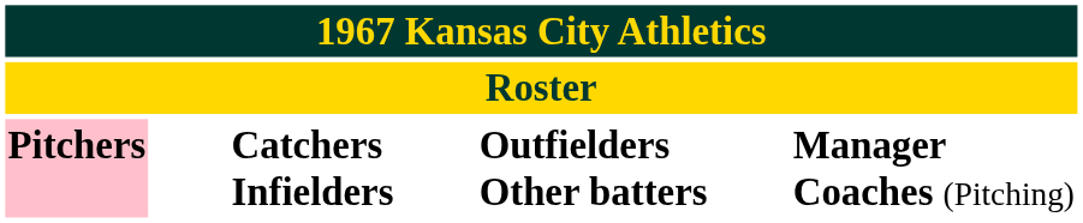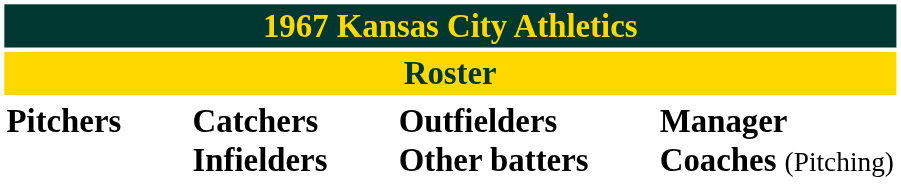 <table class="toccolours" style="font-size: 95%;">
 <tr>
 <th colspan="10" style="background-color: #003831; color: #FFD800; text-align: center;">1967 Kansas City Athletics</th>
 </tr>
 <tr>
 <td colspan="10" style="background-color: #FFD800; color: #003831; text-align: center;"><strong>Roster</strong></td>
 </tr>
 <tr>
-<td valign="top" style="background: pink;"><strong>Pitchers</strong><br>               </td>
+<td valign="top"><strong>Pitchers</strong><br>               </td>
 <td width="25px"></td>
 <td valign="top"><strong>Catchers</strong><br>    <strong>Infielders</strong>            </td>
 <td width="25px"></td>
 <td valign="top"><strong>Outfielders</strong><br>      <strong>Other batters</strong> </td>
 <td width="25px"></td>
 <td valign="top"><strong>Manager</strong><br>  <strong>Coaches</strong>  <small>(Pitching)</small>   </td>
 </tr>
 </table>
